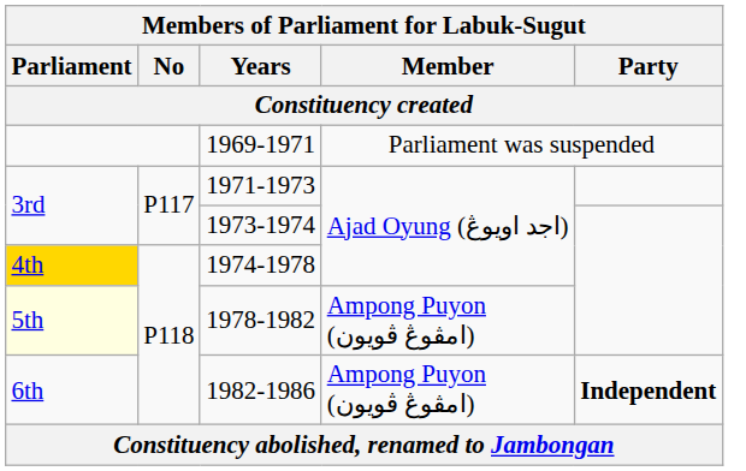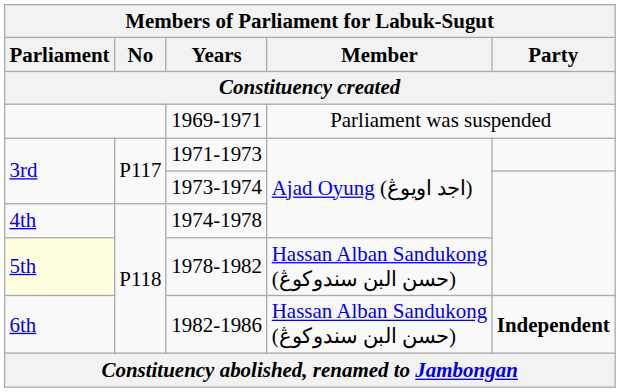 <table class=wikitable>
 <tr>
 <th colspan="5">Members of Parliament for Labuk-Sugut</th>
 </tr>
 <tr>
 <th>Parliament</th>
 <th>No</th>
 <th>Years</th>
 <th>Member</th>
 <th>Party</th>
 </tr>
 <tr>
 <th colspan="5" align="center"><em>Constituency created</em></th>
 </tr>
 <tr>
 <td colspan="2"></td>
 <td>1969-1971</td>
 <td colspan=2 align=center>Parliament was suspended</td>
 </tr>
 <tr>
 <td rowspan=2><a href='#'>3rd</a></td>
 <td rowspan="2">P117</td>
 <td>1971-1973</td>
 <td rowspan=3><a href='#'>Ajad Oyung</a> (اجد اويوڠ)</td>
 <td><a href='#'></a></td>
 </tr>
 <tr>
 <td>1973-1974</td>
 <td rowspan=3></td>
 </tr>
 <tr>
-<td style="background: gold;"><a href='#'>4th</a></td>
+<td><a href='#'>4th</a></td>
 <td rowspan="3">P118</td>
 <td>1974-1978</td>
 </tr>
 <tr>
 <td style="background: lightyellow;"><a href='#'>5th</a></td>
 <td>1978-1982</td>
-<td><a href='#'>Ampong Puyon</a> <br> (امڤوڠ ڤويون)</td>
+<td><a href='#'>Hassan Alban Sandukong</a> <br> (حسن البن سندوكوڠ)</td>
 </tr>
 <tr>
 <td><a href='#'>6th</a></td>
 <td>1982-1986</td>
-<td><a href='#'>Ampong Puyon</a> <br> (امڤوڠ ڤويون)</td>
+<td><a href='#'>Hassan Alban Sandukong</a> <br> (حسن البن سندوكوڠ)</td>
 <td><strong>Independent</strong></td>
 </tr>
 <tr>
 <th colspan="5" align="center"><em>Constituency abolished, renamed to <a href='#'>Jambongan</a></em></th>
 </tr>
 </table>
